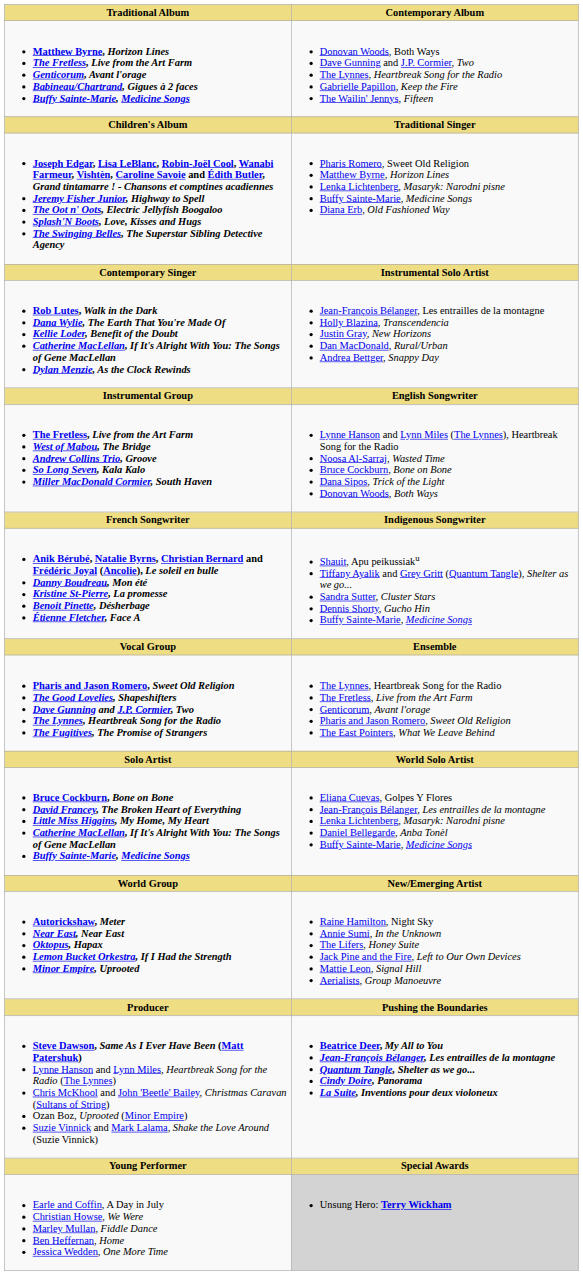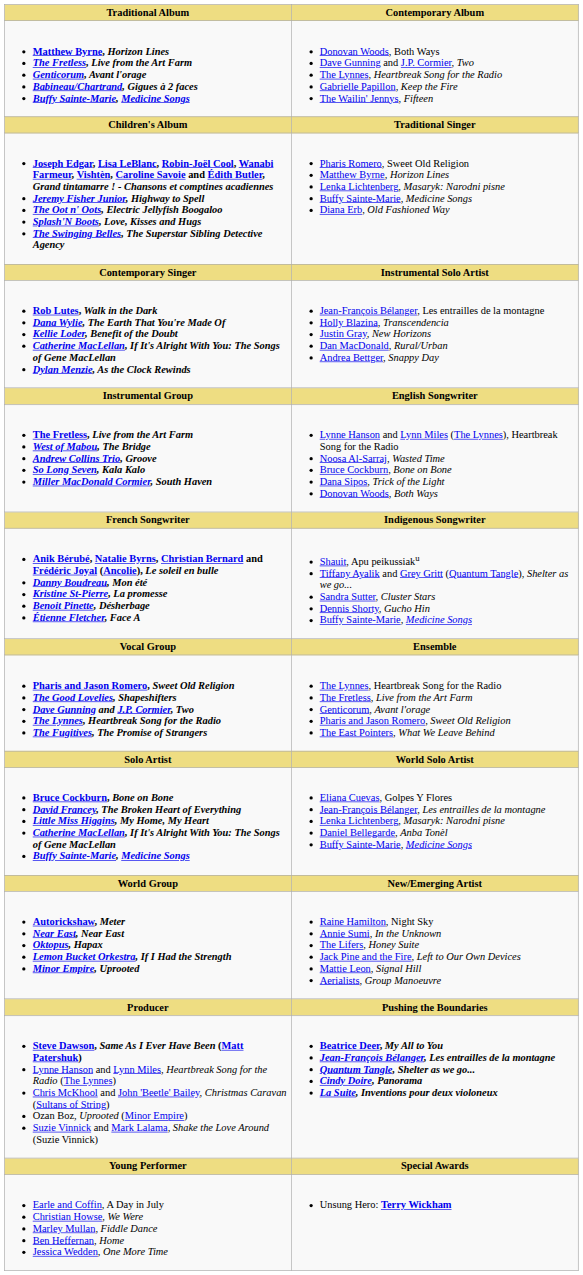 <table class=wikitable width="100%">
 <tr>
 <th style="background:#EEDD82; width:50%">Traditional Album</th>
 <th style="background:#EEDD82; width:50%">Contemporary Album</th>
 </tr>
 <tr>
 <td valign="top"><br><ul><li> <strong><a href='#'>Matthew Byrne</a>, <em>Horizon Lines<strong><em></li><li><a href='#'>The Fretless</a>, </em>Live from the Art Farm<em></li><li><a href='#'>Genticorum</a>, </em>Avant l'orage<em></li><li><a href='#'>Babineau/Chartrand</a>, </em>Gigues à 2 faces<em></li><li><a href='#'>Buffy Sainte-Marie</a>, </em><a href='#'>Medicine Songs</a><em></li></ul></td>
 <td valign="top"><br><ul><li> </strong><a href='#'>Donovan Woods</a>, </em>Both Ways</em></strong></li><li><a href='#'>Dave Gunning</a> and <a href='#'>J.P. Cormier</a>, <em>Two</em></li><li><a href='#'>The Lynnes</a>, <em>Heartbreak Song for the Radio</em></li><li><a href='#'>Gabrielle Papillon</a>, <em>Keep the Fire</em></li><li><a href='#'>The Wailin' Jennys</a>, <em>Fifteen</em></li></ul></td>
 </tr>
 <tr>
 <th style="background:#EEDD82; width:50%">Children's Album</th>
 <th style="background:#EEDD82; width:50%">Traditional Singer</th>
 </tr>
 <tr>
 <td valign="top"><br><ul><li> <strong><a href='#'>Joseph Edgar</a>, <a href='#'>Lisa LeBlanc</a>, <a href='#'>Robin-Joël Cool</a>, <a href='#'>Wanabi Farmeur</a>, <a href='#'>Vishtèn</a>, <a href='#'>Caroline Savoie</a> and <a href='#'>Édith Butler</a>, <em>Grand tintamarre ! - Chansons et comptines acadiennes<strong><em></li><li><a href='#'>Jeremy Fisher Junior</a>, </em>Highway to Spell<em></li><li><a href='#'>The Oot n' Oots</a>, </em>Electric Jellyfish Boogaloo<em></li><li><a href='#'>Splash'N Boots</a>, </em>Love, Kisses and Hugs<em></li><li><a href='#'>The Swinging Belles</a>, </em>The Superstar Sibling Detective Agency<em></li></ul></td>
 <td valign="top"><br><ul><li> </strong><a href='#'>Pharis Romero</a>, </em>Sweet Old Religion</em></strong></li><li><a href='#'>Matthew Byrne</a>, <em>Horizon Lines</em></li><li><a href='#'>Lenka Lichtenberg</a>, <em>Masaryk: Narodni pisne</em></li><li><a href='#'>Buffy Sainte-Marie</a>, <em>Medicine Songs</em></li><li><a href='#'>Diana Erb</a>, <em>Old Fashioned Way</em></li></ul></td>
 </tr>
 <tr>
 <th style="background:#EEDD82; width:50%">Contemporary Singer</th>
 <th style="background:#EEDD82; width:50%">Instrumental Solo Artist</th>
 </tr>
 <tr>
 <td valign="top"><br><ul><li> <strong><a href='#'>Rob Lutes</a>, <em>Walk in the Dark<strong><em></li><li><a href='#'>Dana Wylie</a>, </em>The Earth That You're Made Of<em></li><li><a href='#'>Kellie Loder</a>, </em>Benefit of the Doubt<em></li><li><a href='#'>Catherine MacLellan</a>, </em>If It's Alright With You: The Songs of Gene MacLellan<em></li><li><a href='#'>Dylan Menzie</a>, </em>As the Clock Rewinds<em></li></ul></td>
 <td valign="top"><br><ul><li> </strong><a href='#'>Jean-François Bélanger</a>, </em>Les entrailles de la montagne</em></strong></li><li><a href='#'>Holly Blazina</a>, <em>Transcendencia</em></li><li><a href='#'>Justin Gray</a>, <em>New Horizons</em></li><li><a href='#'>Dan MacDonald</a>, <em>Rural/Urban</em></li><li><a href='#'>Andrea Bettger</a>, <em>Snappy Day</em></li></ul></td>
 </tr>
 <tr>
 <th style="background:#EEDD82; width:50%">Instrumental Group</th>
 <th style="background:#EEDD82; width:50%">English Songwriter</th>
 </tr>
 <tr>
 <td valign="top"><br><ul><li> <strong><a href='#'>The Fretless</a>, <em>Live from the Art Farm<strong><em></li><li><a href='#'>West of Mabou</a>, </em>The Bridge<em></li><li><a href='#'>Andrew Collins Trio</a>, </em>Groove<em></li><li><a href='#'>So Long Seven</a>, </em>Kala Kalo<em></li><li><a href='#'>Miller MacDonald Cormier</a>, </em>South Haven<em></li></ul></td>
 <td valign="top"><br><ul><li> </strong><a href='#'>Lynne Hanson</a> and <a href='#'>Lynn Miles</a> (<a href='#'>The Lynnes</a>), </em>Heartbreak Song for the Radio</em></strong></li><li><a href='#'>Noosa Al-Sarraj</a>, <em>Wasted Time</em></li><li><a href='#'>Bruce Cockburn</a>, <em>Bone on Bone</em></li><li><a href='#'>Dana Sipos</a>, <em>Trick of the Light</em></li><li><a href='#'>Donovan Woods</a>, <em>Both Ways</em></li></ul></td>
 </tr>
 <tr>
 <th style="background:#EEDD82; width:50%">French Songwriter</th>
 <th style="background:#EEDD82; width:50%">Indigenous Songwriter</th>
 </tr>
 <tr>
 <td valign="top"><br><ul><li> <strong><a href='#'>Anik Bérubé</a>, <a href='#'>Natalie Byrns</a>, <a href='#'>Christian Bernard</a> and <a href='#'>Frédéric Joyal</a> (<a href='#'>Ancolie</a>), <em>Le soleil en bulle<strong><em></li><li><a href='#'>Danny Boudreau</a>, </em>Mon été<em></li><li><a href='#'>Kristine St-Pierre</a>, </em>La promesse<em></li><li><a href='#'>Benoit Pinette</a>, </em>Désherbage<em></li><li><a href='#'>Étienne Fletcher</a>, </em>Face A<em></li></ul></td>
 <td valign="top"><br><ul><li> </strong><a href='#'>Shauit</a>, </em>Apu peikussiak<sup>u</sup></em></strong></li><li><a href='#'>Tiffany Ayalik</a> and <a href='#'>Grey Gritt</a> (<a href='#'>Quantum Tangle</a>), <em>Shelter as we go...</em></li><li><a href='#'>Sandra Sutter</a>, <em>Cluster Stars</em></li><li><a href='#'>Dennis Shorty</a>, <em>Gucho Hin</em></li><li><a href='#'>Buffy Sainte-Marie</a>, <em><a href='#'>Medicine Songs</a></em></li></ul></td>
 </tr>
 <tr>
 <th style="background:#EEDD82; width:50%">Vocal Group</th>
 <th style="background:#EEDD82; width:50%">Ensemble</th>
 </tr>
 <tr>
 <td valign="top"><br><ul><li> <strong><a href='#'>Pharis and Jason Romero</a>, <em>Sweet Old Religion<strong><em></li><li><a href='#'>The Good Lovelies</a>, </em>Shapeshifters<em></li><li><a href='#'>Dave Gunning</a> and <a href='#'>J.P. Cormier</a>, </em>Two<em></li><li><a href='#'>The Lynnes</a>, </em>Heartbreak Song for the Radio<em></li><li><a href='#'>The Fugitives</a>, </em>The Promise of Strangers<em></li></ul></td>
 <td valign="top"><br><ul><li> </strong><a href='#'>The Lynnes</a>, </em>Heartbreak Song for the Radio</em></strong></li><li><a href='#'>The Fretless</a>, <em>Live from the Art Farm</em></li><li><a href='#'>Genticorum</a>, <em>Avant l'orage</em></li><li><a href='#'>Pharis and Jason Romero</a>, <em>Sweet Old Religion</em></li><li><a href='#'>The East Pointers</a>, <em>What We Leave Behind</em></li></ul></td>
 </tr>
 <tr>
 <th style="background:#EEDD82; width:50%">Solo Artist</th>
 <th style="background:#EEDD82; width:50%">World Solo Artist</th>
 </tr>
 <tr>
 <td valign="top"><br><ul><li> <strong><a href='#'>Bruce Cockburn</a>, <em>Bone on Bone<strong><em></li><li><a href='#'>David Francey</a>, </em>The Broken Heart of Everything<em></li><li><a href='#'>Little Miss Higgins</a>, </em>My Home, My Heart<em></li><li><a href='#'>Catherine MacLellan</a>, </em>If It's Alright With You: The Songs of Gene MacLellan<em></li><li><a href='#'>Buffy Sainte-Marie</a>, </em><a href='#'>Medicine Songs</a><em></li></ul></td>
 <td valign="top"><br><ul><li> </strong><a href='#'>Eliana Cuevas</a>, </em>Golpes Y Flores</em></strong></li><li><a href='#'>Jean-François Bélanger</a>, <em>Les entrailles de la montagne</em></li><li><a href='#'>Lenka Lichtenberg</a>, <em>Masaryk: Narodni pisne</em></li><li><a href='#'>Daniel Bellegarde</a>, <em>Anba Tonèl</em></li><li><a href='#'>Buffy Sainte-Marie</a>, <em><a href='#'>Medicine Songs</a></em></li></ul></td>
 </tr>
 <tr>
 <th style="background:#EEDD82; width:50%">World Group</th>
 <th style="background:#EEDD82; width:50%">New/Emerging Artist</th>
 </tr>
 <tr>
 <td valign="top"><br><ul><li> <strong><a href='#'>Autorickshaw</a>, <em>Meter<strong><em></li><li><a href='#'>Near East</a>, </em>Near East<em></li><li><a href='#'>Oktopus</a>, </em>Hapax<em></li><li><a href='#'>Lemon Bucket Orkestra</a>, </em>If I Had the Strength<em></li><li><a href='#'>Minor Empire</a>, </em>Uprooted<em></li></ul></td>
 <td valign="top"><br><ul><li> </strong><a href='#'>Raine Hamilton</a>, </em>Night Sky</em></strong></li><li><a href='#'>Annie Sumi</a>, <em>In the Unknown</em></li><li><a href='#'>The Lifers</a>, <em>Honey Suite</em></li><li><a href='#'>Jack Pine and the Fire</a>, <em>Left to Our Own Devices</em></li><li><a href='#'>Mattie Leon</a>, <em>Signal Hill</em></li><li><a href='#'>Aerialists</a>, <em>Group Manoeuvre</em></li></ul></td>
 </tr>
 <tr>
 <th style="background:#EEDD82; width:50%">Producer</th>
 <th style="background:#EEDD82; width:50%">Pushing the Boundaries</th>
 </tr>
 <tr>
 <td valign="top"><br><ul><li> <strong><a href='#'>Steve Dawson</a>, <em>Same As I Ever Have Been</em> (<a href='#'>Matt Patershuk</a>)</strong></li><li><a href='#'>Lynne Hanson</a> and <a href='#'>Lynn Miles</a>, <em>Heartbreak Song for the Radio</em> (<a href='#'>The Lynnes</a>)</li><li><a href='#'>Chris McKhool</a> and <a href='#'>John 'Beetle' Bailey</a>, <em>Christmas Caravan</em> (<a href='#'>Sultans of String</a>)</li><li>Ozan Boz, <em>Uprooted</em> (<a href='#'>Minor Empire</a>)</li><li><a href='#'>Suzie Vinnick</a> and <a href='#'>Mark Lalama</a>, <em>Shake the Love Around</em> (Suzie Vinnick)</li></ul></td>
 <td valign="top"><br><ul><li> <strong><a href='#'>Beatrice Deer</a>, <em>My All to You<strong><em></li><li><a href='#'>Jean-François Bélanger</a>, </em>Les entrailles de la montagne<em></li><li><a href='#'>Quantum Tangle</a>, </em>Shelter as we go...<em></li><li><a href='#'>Cindy Doire</a>, </em>Panorama<em></li><li><a href='#'>La Suite</a>, </em>Inventions pour deux violoneux<em></li></ul></td>
 </tr>
 <tr>
 <th style="background:#EEDD82; width:50%">Young Performer</th>
 <th style="background:#EEDD82; width:50%">Special Awards</th>
 </tr>
 <tr>
 <td valign="top"><br><ul><li> </strong><a href='#'>Earle and Coffin</a>, </em>A Day in July</em></strong></li><li><a href='#'>Christian Howse</a>, <em>We Were</em></li><li><a href='#'>Marley Mullan</a>, <em>Fiddle Dance</em></li><li><a href='#'>Ben Heffernan</a>, <em>Home</em></li><li><a href='#'>Jessica Wedden</a>, <em>One More Time</em></li></ul></td>
-<td valign="top" style="background: lightgrey;"><br><ul><li>Unsung Hero:  <strong><a href='#'>Terry Wickham</a></strong></li></ul></td>
+<td valign="top"><br><ul><li>Unsung Hero:  <strong><a href='#'>Terry Wickham</a></strong></li></ul></td>
 </tr>
 </table>
